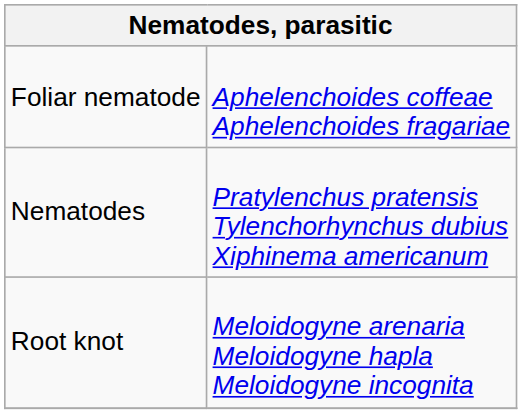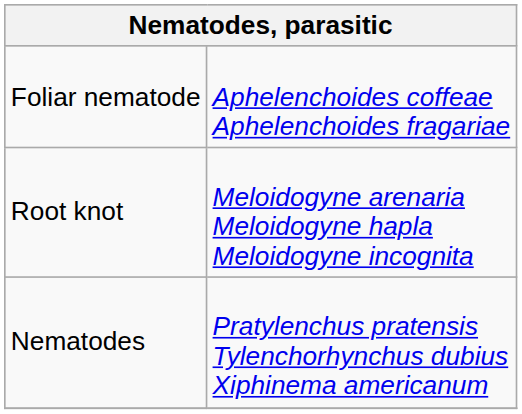 <table class="wikitable" style="clear">
 <tr>
 <th colspan=2><strong>Nematodes, parasitic</strong><br></th>
 </tr>
 <tr>
 <td>Foliar nematode</td>
 <td><br><em><a href='#'>Aphelenchoides coffeae</a></em><br> <em><a href='#'>Aphelenchoides fragariae</a></em></td>
 </tr>
 <tr>
+<td>Root knot</td>
+<td><br><em><a href='#'>Meloidogyne arenaria</a></em><br> <em><a href='#'>Meloidogyne hapla</a></em><br>  <em><a href='#'>Meloidogyne incognita</a></em></td>
+</tr>
+<tr>
 <td>Nematodes</td>
 <td><br><em><a href='#'>Pratylenchus pratensis</a></em><br> <em><a href='#'>Tylenchorhynchus dubius</a></em><br>  <em><a href='#'>Xiphinema americanum</a></em></td>
 </tr>
 <tr>
-<td>Root knot</td>
-<td><br><em><a href='#'>Meloidogyne arenaria</a></em><br> <em><a href='#'>Meloidogyne hapla</a></em><br>  <em><a href='#'>Meloidogyne incognita</a></em></td>
-</tr>
-<tr>
 </tr>
 </table>
